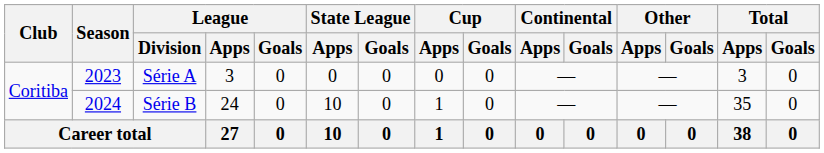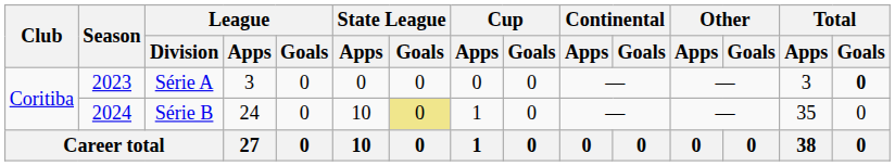 <table class="wikitable" style="text-align: center;">
 <tr>
 <th rowspan="2">Club</th>
 <th rowspan="2">Season</th>
 <th colspan="3">League</th>
 <th colspan="2">State League</th>
 <th colspan="2">Cup</th>
 <th colspan="2">Continental</th>
 <th colspan="2">Other</th>
 <th colspan="2">Total</th>
 </tr>
 <tr>
 <th>Division</th>
 <th>Apps</th>
 <th>Goals</th>
 <th>Apps</th>
 <th>Goals</th>
 <th>Apps</th>
 <th>Goals</th>
 <th>Apps</th>
 <th>Goals</th>
 <th>Apps</th>
 <th>Goals</th>
 <th>Apps</th>
 <th>Goals</th>
 </tr>
 <tr>
 <td rowspan="2" valign="center"><a href='#'>Coritiba</a></td>
 <td><a href='#'>2023</a></td>
 <td><a href='#'>Série A</a></td>
 <td>3</td>
 <td>0</td>
 <td>0</td>
 <td>0</td>
 <td>0</td>
 <td>0</td>
 <td colspan="2">—</td>
 <td colspan="2">—</td>
 <td>3</td>
-<td>0</td>
+<td><strong>0</strong></td>
 </tr>
 <tr>
 <td><a href='#'>2024</a></td>
 <td><a href='#'>Série B</a></td>
 <td>24</td>
 <td>0</td>
 <td>10</td>
-<td>0</td>
+<td style="background: khaki;">0</td>
 <td>1</td>
 <td>0</td>
 <td colspan="2">—</td>
 <td colspan="2">—</td>
 <td>35</td>
 <td>0</td>
 </tr>
 <tr>
 <th colspan="3"><strong>Career total</strong></th>
 <th>27</th>
 <th>0</th>
 <th>10</th>
 <th>0</th>
 <th>1</th>
 <th>0</th>
 <th>0</th>
 <th>0</th>
 <th>0</th>
 <th>0</th>
 <th>38</th>
 <th>0</th>
 </tr>
 </table>
